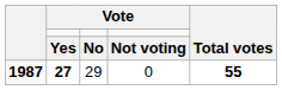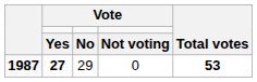 <table class=wikitable style="text-align:center">
 <tr style="vertical-align:bottom;">
 <th rowspan=3></th>
 <th colspan=3>Vote</th>
 <th rowspan=3>Total votes</th>
 </tr>
 <tr style="height:5px">
 <td style="background-color:"></td>
 <td style="background-color:"></td>
 <td style="background-color:"></td>
 </tr>
 <tr style="vertical-align:bottom;">
 <th>Yes</th>
 <th>No</th>
 <th>Not voting</th>
 </tr>
 <tr>
 <td><strong>1987</strong></td>
 <td style="background:#fff;"><strong>27</strong></td>
 <td style="background:#fff;">29</td>
 <td style="background:#fff;">0</td>
-<td style="background:#fff;"><strong>55</strong></td>
+<td style="background:#fff;"><strong>53</strong></td>
 </tr>
 </table>
